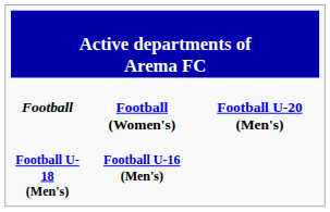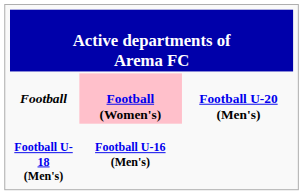 <table class="infobox" style="font-size: 88%; width: 22em; text-align: center">
 <tr>
 <th colspan=3 style="font-size: 125%; background-color:#0000aa; color:white; text-align:center;"><br>Active departments of<br>Arema FC</th>
 </tr>
 <tr style="text-align: center">
 <td><br><strong><em>Football</em></strong></td>
-<td><br><strong><a href='#'>Football</a> (Women's)</strong></td>
+<td style="background: pink;"><br><strong><a href='#'>Football</a> (Women's)</strong></td>
 <td><br><strong><a href='#'>Football U-20</a> (Men's)</strong></td>
 </tr>
 <tr style="font-size: 90%; text-align: center">
 <td><br><strong><a href='#'>Football U-18</a><br> (Men's)</strong></td>
 <td><br><strong><a href='#'>Football U-16</a><br> (Men's)</strong></td>
 </tr>
 </table>
